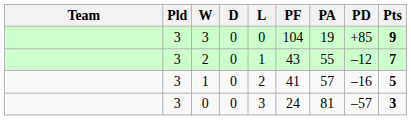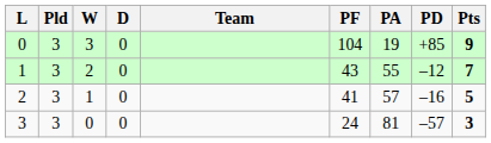 <table class="wikitable" style="text-align:center;">
 <tr>
-<th width=175>Team</th>
+<th width=25 abbr="Lost">L</th>
 <th width=25 abbr="Played">Pld</th>
 <th width=25 abbr="Won">W</th>
 <th width=25 abbr="Drawn">D</th>
-<th width=25 abbr="Lost">L</th>
+<th width=175>Team</th>
 <th width=32 abbr="Points for">PF</th>
 <th width=32 abbr="Points against">PA</th>
 <th width=32 abbr="Points difference">PD</th>
 <th width=25 abbr="Points">Pts</th>
 </tr>
 <tr bgcolor=ccffcc>
-<td align=left></td>
+<td>0</td>
 <td>3</td>
 <td>3</td>
 <td>0</td>
-<td>0</td>
+<td align=left></td>
 <td>104</td>
 <td>19</td>
 <td>+85</td>
 <td><strong>9</strong></td>
 </tr>
 <tr bgcolor=ccffcc>
-<td align=left></td>
+<td>1</td>
 <td>3</td>
 <td>2</td>
 <td>0</td>
-<td>1</td>
+<td align=left></td>
 <td>43</td>
 <td>55</td>
 <td>–12</td>
 <td><strong>7</strong></td>
 </tr>
 <tr>
-<td align=left></td>
+<td>2</td>
 <td>3</td>
 <td>1</td>
 <td>0</td>
-<td>2</td>
+<td align=left></td>
 <td>41</td>
 <td>57</td>
 <td>–16</td>
 <td><strong>5</strong></td>
 </tr>
 <tr>
-<td align=left></td>
+<td>3</td>
 <td>3</td>
 <td>0</td>
 <td>0</td>
-<td>3</td>
+<td align=left></td>
 <td>24</td>
 <td>81</td>
 <td>–57</td>
 <td><strong>3</strong></td>
 </tr>
 </table>
